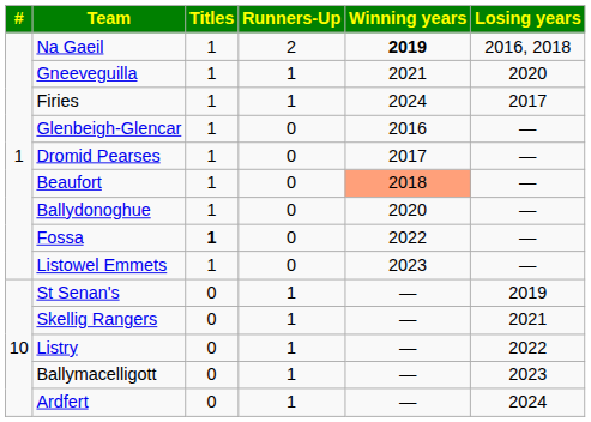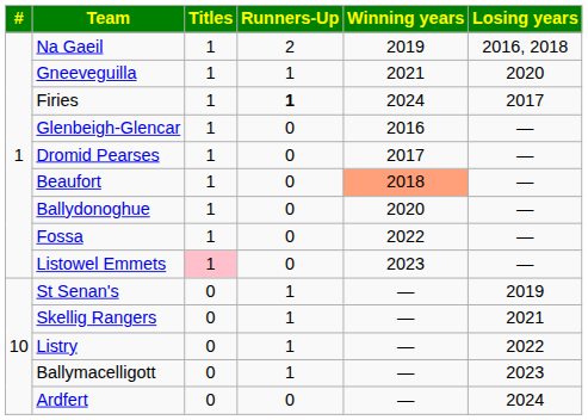 <table class="wikitable sortable" style="text-align:center;">
 <tr>
 <th style="background:green;color:yellow">#</th>
 <th style="background:green;color:yellow">Team</th>
 <th style="background:green;color:yellow">Titles</th>
 <th style="background:green;color:yellow">Runners-Up</th>
 <th style="background:green;color:yellow">Winning years</th>
 <th style="background:green;color:yellow">Losing years</th>
 </tr>
 <tr>
 <td rowspan="9">1</td>
 <td style="text-align:left"> <a href='#'>Na Gaeil</a></td>
 <td>1</td>
 <td>2</td>
-<td><strong>2019</strong></td>
+<td>2019</td>
 <td>2016, 2018</td>
 </tr>
 <tr>
 <td style="text-align:left"> <a href='#'>Gneeveguilla</a></td>
 <td>1</td>
 <td>1</td>
 <td>2021</td>
 <td>2020</td>
 </tr>
 <tr>
 <td style="text-align:left"> Firies</td>
 <td>1</td>
-<td>1</td>
+<td><strong>1</strong></td>
 <td>2024</td>
 <td>2017</td>
 </tr>
 <tr>
 <td style="text-align:left"> <a href='#'>Glenbeigh-Glencar</a></td>
 <td>1</td>
 <td>0</td>
 <td>2016</td>
 <td>—</td>
 </tr>
 <tr>
 <td style="text-align:left"> <a href='#'>Dromid Pearses</a></td>
 <td>1</td>
 <td>0</td>
 <td>2017</td>
 <td>—</td>
 </tr>
 <tr>
 <td style="text-align:left"> <a href='#'>Beaufort</a></td>
 <td>1</td>
 <td>0</td>
 <td style="background: lightsalmon;">2018</td>
 <td>—</td>
 </tr>
 <tr>
 <td style="text-align:left"> <a href='#'>Ballydonoghue</a></td>
 <td>1</td>
 <td>0</td>
 <td>2020</td>
 <td>—</td>
 </tr>
 <tr>
 <td style="text-align:left"> <a href='#'>Fossa</a></td>
-<td><strong>1</strong></td>
+<td>1</td>
 <td>0</td>
 <td>2022</td>
 <td>—</td>
 </tr>
 <tr>
 <td style="text-align:left"> <a href='#'>Listowel Emmets</a></td>
-<td>1</td>
+<td style="background: pink;">1</td>
 <td>0</td>
 <td>2023</td>
 <td>—</td>
 </tr>
 <tr>
 <td rowspan="5">10</td>
 <td style="text-align:left"> <a href='#'>St Senan's</a></td>
 <td>0</td>
 <td>1</td>
 <td>—</td>
 <td>2019</td>
 </tr>
 <tr>
 <td style="text-align:left"> <a href='#'>Skellig Rangers</a></td>
 <td>0</td>
 <td>1</td>
 <td>—</td>
 <td>2021</td>
 </tr>
 <tr>
 <td style="text-align:left"> <a href='#'>Listry</a></td>
 <td>0</td>
 <td>1</td>
 <td>—</td>
 <td>2022</td>
 </tr>
 <tr>
 <td style="text-align:left"> Ballymacelligott</td>
 <td>0</td>
 <td>1</td>
 <td>—</td>
 <td>2023</td>
 </tr>
 <tr>
 <td style="text-align:left"> <a href='#'>Ardfert</a></td>
 <td>0</td>
-<td>1</td>
+<td>0</td>
 <td>—</td>
 <td>2024</td>
 </tr>
 </table>
